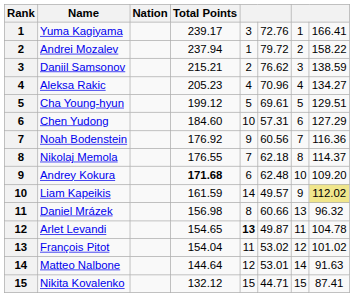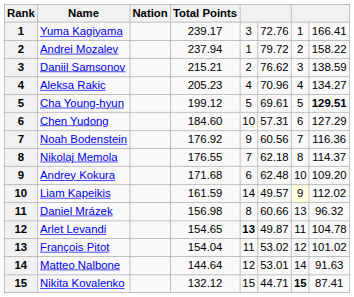 <table class="wikitable sortable" style="text-align:center">
 <tr>
 <th>Rank</th>
 <th>Name</th>
 <th>Nation</th>
 <th>Total Points</th>
 <th colspan=2></th>
 <th colspan=2></th>
 </tr>
 <tr>
 <th>1</th>
 <td align=left><a href='#'>Yuma Kagiyama</a></td>
 <td align=left></td>
 <td>239.17</td>
 <td>3</td>
 <td>72.76</td>
 <td>1</td>
 <td>166.41</td>
 </tr>
 <tr>
 <th>2</th>
 <td align=left><a href='#'>Andrei Mozalev</a></td>
 <td align=left></td>
 <td>237.94</td>
 <td>1</td>
 <td>79.72</td>
 <td>2</td>
 <td>158.22</td>
 </tr>
 <tr>
 <th>3</th>
 <td align=left><a href='#'>Daniil Samsonov</a></td>
 <td align=left></td>
 <td>215.21</td>
 <td>2</td>
 <td>76.62</td>
 <td>3</td>
 <td>138.59</td>
 </tr>
 <tr>
 <th>4</th>
 <td align=left><a href='#'>Aleksa Rakic</a></td>
 <td align=left></td>
 <td>205.23</td>
 <td>4</td>
 <td>70.96</td>
 <td>4</td>
 <td>134.27</td>
 </tr>
 <tr>
 <th>5</th>
 <td align=left><a href='#'>Cha Young-hyun</a></td>
 <td align=left></td>
 <td>199.12</td>
 <td>5</td>
 <td>69.61</td>
 <td>5</td>
-<td>129.51</td>
+<td><strong>129.51</strong></td>
 </tr>
 <tr>
 <th>6</th>
 <td align=left><a href='#'>Chen Yudong</a></td>
 <td align=left></td>
 <td>184.60</td>
 <td>10</td>
 <td>57.31</td>
 <td>6</td>
 <td>127.29</td>
 </tr>
 <tr>
 <th>7</th>
 <td align=left><a href='#'>Noah Bodenstein</a></td>
 <td align=left></td>
 <td>176.92</td>
 <td>9</td>
 <td>60.56</td>
 <td>7</td>
 <td>116.36</td>
 </tr>
 <tr>
 <th>8</th>
 <td align=left><a href='#'>Nikolaj Memola</a></td>
 <td align=left></td>
 <td>176.55</td>
 <td>7</td>
 <td>62.18</td>
 <td>8</td>
 <td>114.37</td>
 </tr>
 <tr>
 <th>9</th>
 <td align=left><a href='#'>Andrey Kokura</a></td>
 <td align=left></td>
-<td><strong>171.68</strong></td>
+<td>171.68</td>
 <td>6</td>
 <td>62.48</td>
 <td>10</td>
 <td>109.20</td>
 </tr>
 <tr>
 <th>10</th>
 <td align=left><a href='#'>Liam Kapeikis</a></td>
 <td align=left></td>
 <td>161.59</td>
 <td>14</td>
 <td>49.57</td>
-<td>9</td>
-<td style="background: khaki;">112.02</td>
+<td style="background: lightyellow;">9</td>
+<td>112.02</td>
 </tr>
 <tr>
 <th>11</th>
 <td align=left><a href='#'>Daniel Mrázek</a></td>
 <td align=left></td>
 <td>156.98</td>
 <td>8</td>
 <td>60.66</td>
 <td>13</td>
 <td>96.32</td>
 </tr>
 <tr>
 <th>12</th>
 <td align=left><a href='#'>Arlet Levandi</a></td>
 <td align=left></td>
 <td>154.65</td>
 <td><strong>13</strong></td>
 <td>49.87</td>
 <td>11</td>
 <td>104.78</td>
 </tr>
 <tr>
 <th>13</th>
 <td align=left><a href='#'>François Pitot</a></td>
 <td align=left></td>
 <td>154.04</td>
 <td>11</td>
 <td>53.02</td>
 <td>12</td>
 <td>101.02</td>
 </tr>
 <tr>
 <th>14</th>
 <td align=left><a href='#'>Matteo Nalbone</a></td>
 <td align=left></td>
 <td>144.64</td>
 <td>12</td>
 <td>53.01</td>
 <td>14</td>
 <td>91.63</td>
 </tr>
 <tr>
 <th>15</th>
 <td align=left><a href='#'>Nikita Kovalenko</a></td>
 <td align=left></td>
 <td>132.12</td>
 <td>15</td>
 <td>44.71</td>
-<td>15</td>
+<td><strong>15</strong></td>
 <td>87.41</td>
 </tr>
 </table>
